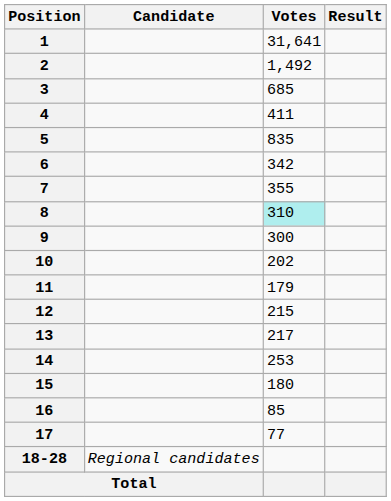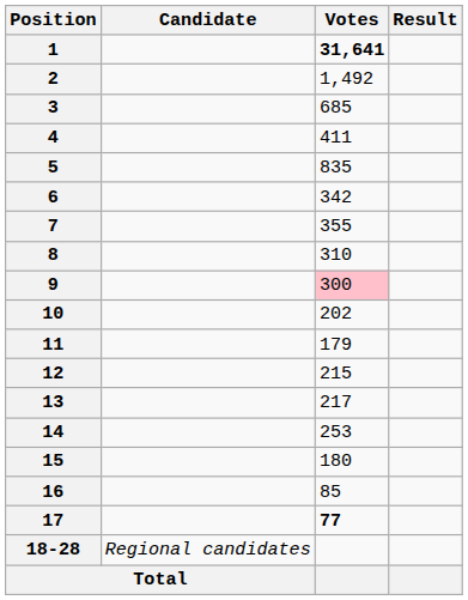 <table class="wikitable sortable col3right">
 <tr>
 <th scope="col">Position</th>
 <th scope="col">Candidate</th>
 <th scope="col">Votes</th>
 <th scope="col">Result</th>
 </tr>
 <tr>
 <th scope="row">1</th>
 <td></td>
-<td>31,641</td>
+<td><strong>31,641</strong></td>
 <td></td>
 </tr>
 <tr>
 <th scope="row">2</th>
 <td></td>
 <td>1,492</td>
 <td></td>
 </tr>
 <tr>
 <th scope="row">3</th>
 <td></td>
 <td>685</td>
 <td></td>
 </tr>
 <tr>
 <th scope="row">4</th>
 <td></td>
 <td>411</td>
 <td></td>
 </tr>
 <tr>
 <th scope="row">5</th>
 <td></td>
 <td>835</td>
 <td></td>
 </tr>
 <tr>
 <th scope="row">6</th>
 <td></td>
 <td>342</td>
 <td></td>
 </tr>
 <tr>
 <th scope="row">7</th>
 <td></td>
 <td>355</td>
 <td></td>
 </tr>
 <tr>
 <th scope="row">8</th>
 <td></td>
-<td style="background: paleturquoise;">310</td>
+<td>310</td>
 <td></td>
 </tr>
 <tr>
 <th scope="row">9</th>
 <td></td>
-<td>300</td>
+<td style="background: pink;">300</td>
 <td></td>
 </tr>
 <tr>
 <th scope="row">10</th>
 <td></td>
 <td>202</td>
 <td></td>
 </tr>
 <tr>
 <th scope="row">11</th>
 <td></td>
 <td>179</td>
 <td></td>
 </tr>
 <tr>
 <th scope="row">12</th>
 <td></td>
 <td>215</td>
 <td></td>
 </tr>
 <tr>
 <th scope="row">13</th>
 <td></td>
 <td>217</td>
 <td></td>
 </tr>
 <tr>
 <th scope="row">14</th>
 <td></td>
 <td>253</td>
 <td></td>
 </tr>
 <tr>
 <th scope="row">15</th>
 <td></td>
 <td>180</td>
 <td></td>
 </tr>
 <tr>
 <th scope="row">16</th>
 <td></td>
 <td>85</td>
 <td></td>
 </tr>
 <tr>
 <th scope="row">17</th>
 <td></td>
-<td>77</td>
+<td><strong>77</strong></td>
 <td></td>
 </tr>
 <tr>
 <th scope="row">18-28</th>
 <td><em>Regional candidates</em></td>
 <td></td>
 <td></td>
 </tr>
 <tr class="sortbottom">
 <th scope="row" colspan="2">Total</th>
 <th></th>
 <th></th>
 </tr>
 </table>
